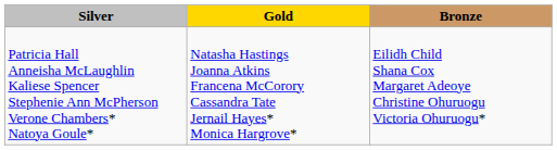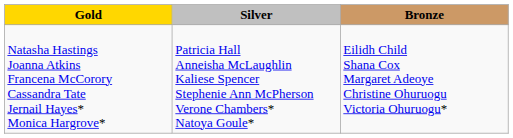 <table class="wikitable" style="text-align:left">
 <tr align="center">
+<td width=200 bgcolor=gold><strong>Gold</strong></td>
 <td width=200 bgcolor=silver><strong>Silver</strong></td>
-<td width=200 bgcolor=gold><strong>Gold</strong></td>
 <td width=200 bgcolor=CC9966><strong>Bronze</strong></td>
 </tr>
 <tr>
+<td><em></em><br><a href='#'>Natasha Hastings</a><br><a href='#'>Joanna Atkins</a><br><a href='#'>Francena McCorory</a><br><a href='#'>Cassandra Tate</a><br><a href='#'>Jernail Hayes</a>*<br><a href='#'>Monica Hargrove</a>*</td>
 <td><em></em><br><a href='#'>Patricia Hall</a><br> <a href='#'>Anneisha McLaughlin</a><br> <a href='#'>Kaliese Spencer</a><br> <a href='#'>Stephenie Ann McPherson</a><br><a href='#'>Verone Chambers</a>*<br><a href='#'>Natoya Goule</a>*</td>
-<td><em></em><br><a href='#'>Natasha Hastings</a><br><a href='#'>Joanna Atkins</a><br><a href='#'>Francena McCorory</a><br><a href='#'>Cassandra Tate</a><br><a href='#'>Jernail Hayes</a>*<br><a href='#'>Monica Hargrove</a>*</td>
 <td><em></em><br><a href='#'>Eilidh Child</a><br> <a href='#'>Shana Cox</a><br> <a href='#'>Margaret Adeoye</a><br> <a href='#'>Christine Ohuruogu</a><br><a href='#'>Victoria Ohuruogu</a>*<br><br></td>
 </tr>
 </table>
